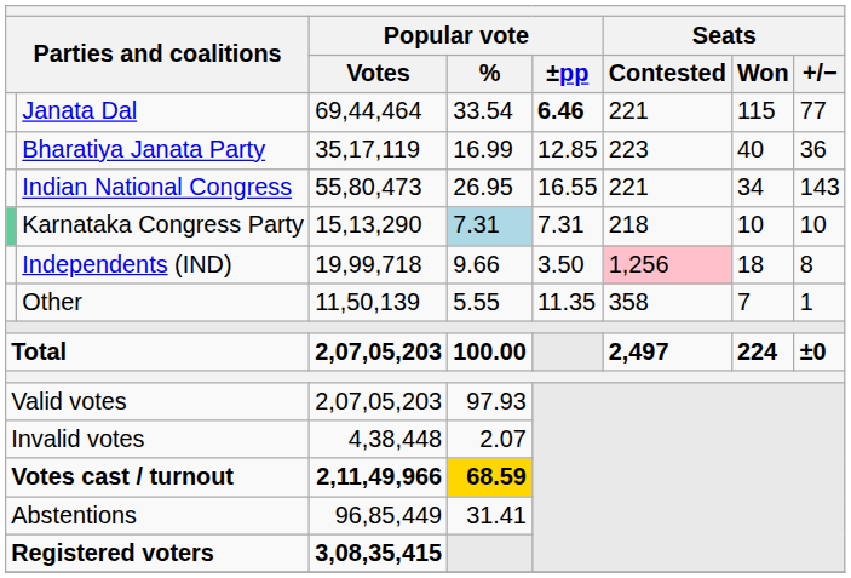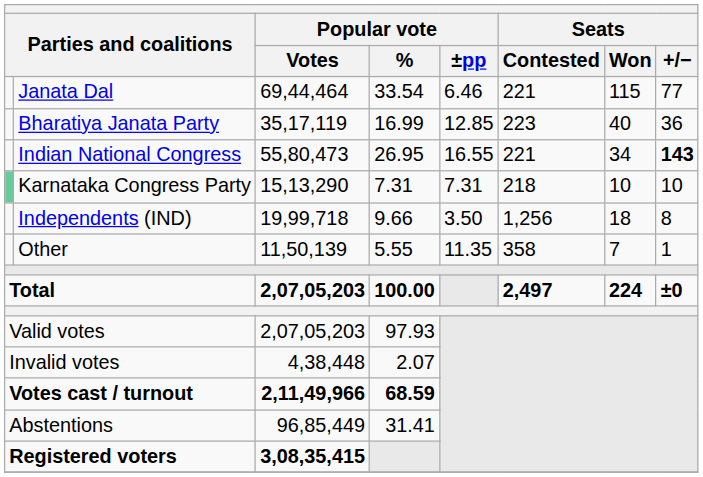 <table class="wikitable">
 <tr>
 <th colspan="11"></th>
 </tr>
 <tr>
 <th colspan="2" rowspan="2">Parties and coalitions</th>
 <th colspan="3">Popular vote</th>
 <th colspan="3">Seats</th>
 </tr>
 <tr>
 <th>Votes</th>
 <th>%</th>
 <th>±<a href='#'>pp</a></th>
 <th>Contested</th>
 <th>Won</th>
 <th><strong>+/−</strong></th>
 </tr>
 <tr>
 <td></td>
 <td><a href='#'>Janata Dal</a></td>
 <td>69,44,464</td>
 <td>33.54</td>
-<td><strong>6.46</strong></td>
+<td>6.46</td>
 <td>221</td>
 <td>115</td>
 <td>77</td>
 </tr>
 <tr>
 <td></td>
 <td><a href='#'>Bharatiya Janata Party</a></td>
 <td>35,17,119</td>
 <td>16.99</td>
 <td>12.85</td>
 <td>223</td>
 <td>40</td>
 <td>36</td>
 </tr>
 <tr>
 <td></td>
 <td><a href='#'>Indian National Congress</a></td>
 <td>55,80,473</td>
 <td>26.95</td>
 <td>16.55</td>
 <td>221</td>
 <td>34</td>
-<td>143</td>
+<td><strong>143</strong></td>
 </tr>
 <tr>
 <td bgcolor="#65CB9B"></td>
 <td>Karnataka Congress Party</td>
 <td>15,13,290</td>
-<td style="background: lightblue;">7.31</td>
+<td>7.31</td>
 <td>7.31</td>
 <td>218</td>
 <td>10</td>
 <td>10</td>
 </tr>
 <tr>
 <td></td>
 <td><a href='#'>Independents</a> (IND)</td>
 <td>19,99,718</td>
 <td>9.66</td>
 <td>3.50</td>
-<td style="background: pink;">1,256</td>
+<td>1,256</td>
 <td>18</td>
 <td>8</td>
 </tr>
 <tr>
 <td></td>
 <td>Other</td>
 <td>11,50,139</td>
 <td>5.55</td>
 <td>11.35</td>
 <td>358</td>
 <td>7</td>
 <td>1</td>
 </tr>
 <tr>
 <td colspan="8" bgcolor="#E9E9E9"></td>
 </tr>
 <tr style="font-weight:bold;">
 <td colspan="2" align="left">Total</td>
 <td>2,07,05,203</td>
 <td>100.00</td>
 <td bgcolor="#E9E9E9"></td>
 <td>2,497</td>
 <td>224</td>
 <td>±0</td>
 </tr>
 <tr>
 <th colspan="9"></th>
 </tr>
 <tr>
 <td style="text-align:left;" colspan="2">Valid votes</td>
 <td align="right">2,07,05,203</td>
 <td align="right">97.93</td>
 <td colspan="4" rowspan="5" style="background-color:#E9E9E9"></td>
 </tr>
 <tr>
 <td style="text-align:left;" colspan="2">Invalid votes</td>
 <td align="right">4,38,448</td>
 <td align="right">2.07</td>
 </tr>
 <tr>
 <td style="text-align:left;" colspan="2"><strong>Votes cast / turnout</strong></td>
 <td align="right"><strong>2,11,49,966</strong></td>
-<td align="right" style="background: gold;"><strong>68.59</strong></td>
+<td align="right"><strong>68.59</strong></td>
 </tr>
 <tr>
 <td style="text-align:left;" colspan="2">Abstentions</td>
 <td align="right">96,85,449</td>
 <td align="right">31.41</td>
 </tr>
 <tr>
 <td style="text-align:left;" colspan="2"><strong>Registered voters</strong></td>
 <td align="right"><strong>3,08,35,415</strong></td>
 <td colspan="1" style="background-color:#E9E9E9"></td>
 </tr>
 <tr>
 </tr>
 </table>
